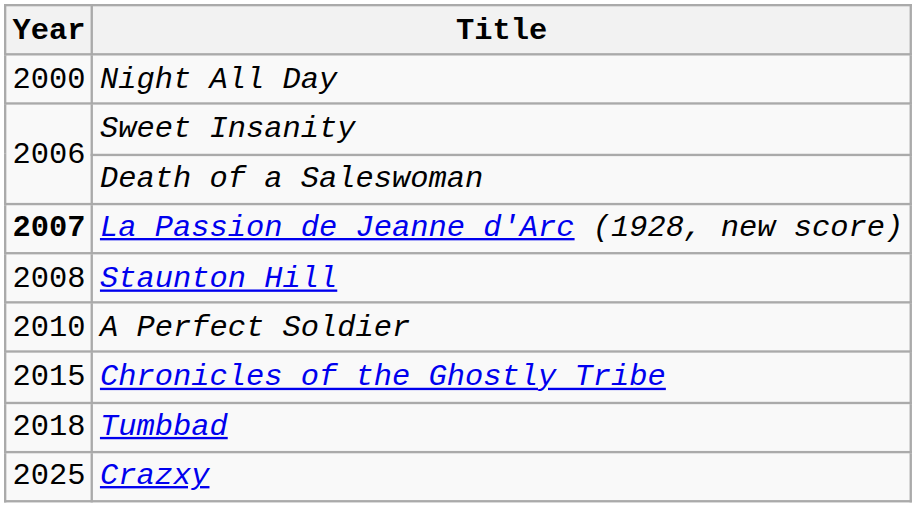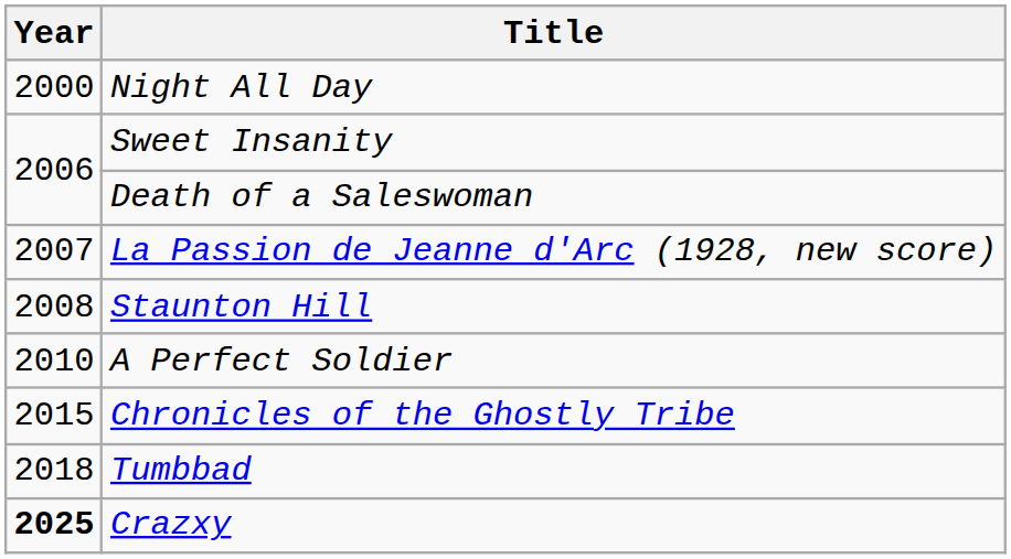 <table class="wikitable">
 <tr>
 <th>Year</th>
 <th>Title</th>
 </tr>
 <tr>
 <td>2000</td>
 <td><em>Night All Day</em></td>
 </tr>
 <tr>
 <td rowspan="2">2006</td>
 <td><em>Sweet Insanity</em></td>
 </tr>
 <tr>
 <td><em>Death of a Saleswoman</em></td>
 </tr>
 <tr>
-<td><strong>2007</strong></td>
+<td>2007</td>
 <td><em><a href='#'>La Passion de Jeanne d'Arc</a> (1928, new score)</em></td>
 </tr>
 <tr>
 <td>2008</td>
 <td><em><a href='#'>Staunton Hill</a></em></td>
 </tr>
 <tr>
 <td>2010</td>
 <td><em>A Perfect Soldier</em></td>
 </tr>
 <tr>
 <td>2015</td>
 <td><em><a href='#'>Chronicles of the Ghostly Tribe</a></em></td>
 </tr>
 <tr>
 <td>2018</td>
 <td><em><a href='#'>Tumbbad</a></em></td>
 </tr>
 <tr>
-<td>2025</td>
+<td><strong>2025</strong></td>
 <td><em><a href='#'>Crazxy</a></em></td>
 </tr>
 </table>
